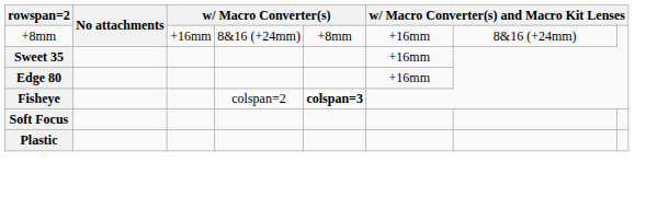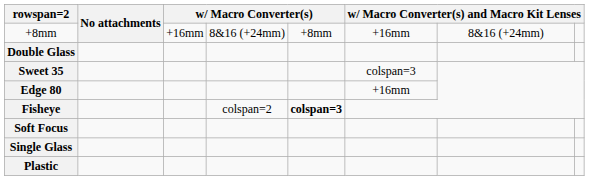 <table class="wikitable" style="font-size:100%;text-align:center;">
 <tr>
 <th>rowspan=2 </th>
 <th rowspan=2>No attachments</th>
 <th colspan=3>w/ Macro Converter(s)</th>
 <th colspan=3>w/ Macro Converter(s) and Macro Kit Lenses</th>
 </tr>
 <tr>
 <td>+8mm</td>
 <td>+16mm</td>
 <td>8&16 (+24mm)</td>
 <td>+8mm</td>
 <td>+16mm</td>
 <td>8&16 (+24mm)</td>
 </tr>
 <tr>
+<th>Double Glass</th>
+<td></td>
+<td></td>
+<td></td>
+<td></td>
+<td></td>
+<td></td>
+<td></td>
+</tr>
+<tr>
 <th>Sweet 35</th>
 <td></td>
 <td></td>
 <td></td>
 <td></td>
-<td>+16mm</td>
+<td>colspan=3 </td>
 </tr>
 <tr>
 <th>Edge 80</th>
 <td></td>
 <td></td>
 <td></td>
 <td></td>
 <td>+16mm</td>
 </tr>
 <tr>
 <th>Fisheye</th>
 <td></td>
 <td></td>
 <td>colspan=2 </td>
 <td><strong>colspan=3 </strong></td>
 </tr>
 <tr>
 <th>Soft Focus</th>
 <td></td>
 <td></td>
 <td></td>
 <td></td>
 <td></td>
 <td></td>
 <td></td>
 </tr>
 <tr>
+<th>Single Glass</th>
+<td></td>
+<td></td>
+<td></td>
+<td></td>
+<td></td>
+<td></td>
+<td></td>
+</tr>
+<tr>
 <th>Plastic</th>
 <td></td>
 <td></td>
 <td></td>
 <td></td>
 <td></td>
 <td></td>
 <td></td>
 </tr>
 </table>
